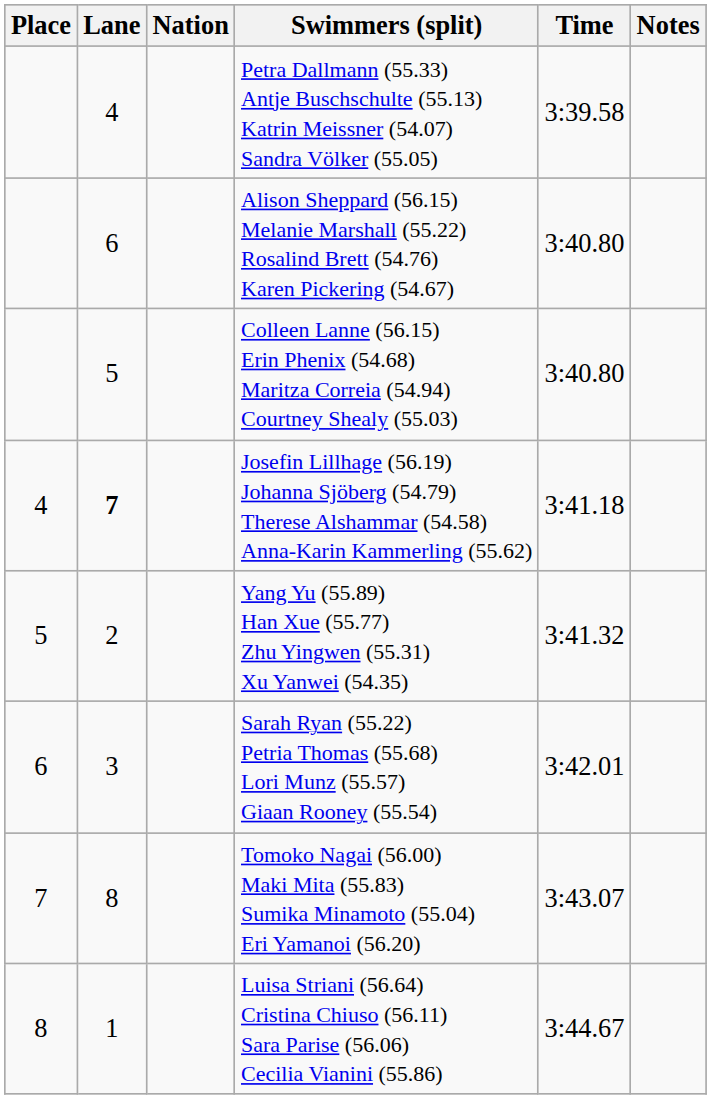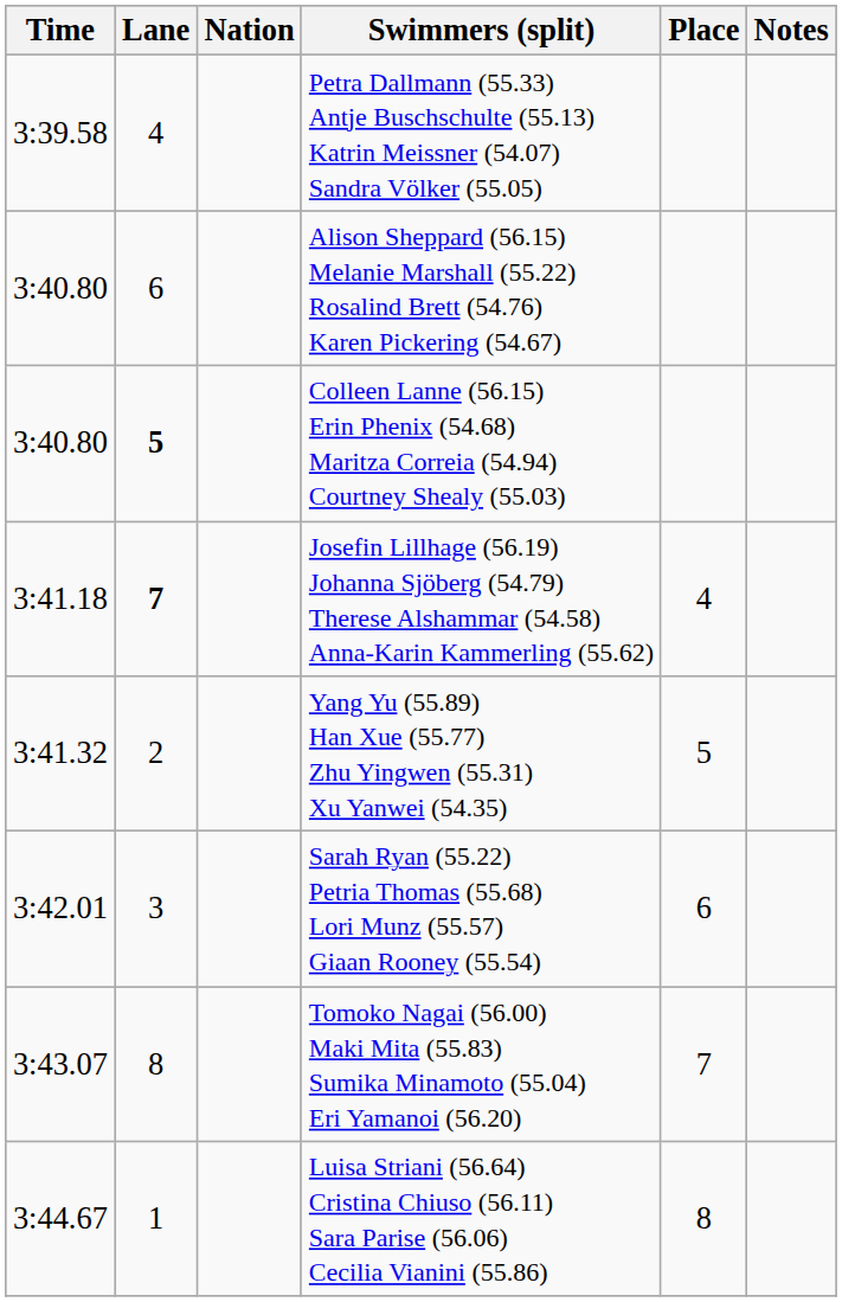 <table class="wikitable sortable" style="text-align:center">
 <tr>
-<th>Place</th>
+<th>Time</th>
 <th>Lane</th>
 <th>Nation</th>
 <th>Swimmers (split)</th>
-<th>Time</th>
+<th>Place</th>
 <th>Notes</th>
 </tr>
 <tr>
-<td></td>
+<td>3:39.58</td>
 <td>4</td>
 <td align=left></td>
 <td align=left><small><a href='#'>Petra Dallmann</a> (55.33)<br> <a href='#'>Antje Buschschulte</a> (55.13)<br> <a href='#'>Katrin Meissner</a> (54.07)<br> <a href='#'>Sandra Völker</a> (55.05)</small></td>
-<td>3:39.58</td>
+<td></td>
 <td></td>
 </tr>
 <tr>
-<td></td>
+<td>3:40.80</td>
 <td>6</td>
 <td align=left></td>
 <td align=left><small><a href='#'>Alison Sheppard</a> (56.15)<br> <a href='#'>Melanie Marshall</a> (55.22)<br> <a href='#'>Rosalind Brett</a> (54.76)<br> <a href='#'>Karen Pickering</a> (54.67)</small></td>
-<td>3:40.80</td>
+<td></td>
 <td></td>
 </tr>
 <tr>
-<td></td>
-<td>5</td>
+<td>3:40.80</td>
+<td><strong>5</strong></td>
 <td align=left></td>
 <td align=left><small><a href='#'>Colleen Lanne</a> (56.15)<br><a href='#'>Erin Phenix</a> (54.68)<br><a href='#'>Maritza Correia</a> (54.94)<br><a href='#'>Courtney Shealy</a> (55.03)</small></td>
-<td>3:40.80</td>
+<td></td>
 <td></td>
 </tr>
 <tr>
-<td>4</td>
+<td>3:41.18</td>
 <td><strong>7</strong></td>
 <td align=left></td>
 <td align=left><small><a href='#'>Josefin Lillhage</a> (56.19)<br> <a href='#'>Johanna Sjöberg</a> (54.79)<br> <a href='#'>Therese Alshammar</a> (54.58)<br> <a href='#'>Anna-Karin Kammerling</a> (55.62)</small></td>
-<td>3:41.18</td>
+<td>4</td>
 <td></td>
 </tr>
 <tr>
-<td>5</td>
+<td>3:41.32</td>
 <td>2</td>
 <td align=left></td>
 <td align=left><small><a href='#'>Yang Yu</a> (55.89)<br> <a href='#'>Han Xue</a> (55.77)<br> <a href='#'>Zhu Yingwen</a> (55.31)<br> <a href='#'>Xu Yanwei</a> (54.35)</small></td>
-<td>3:41.32</td>
+<td>5</td>
 <td></td>
 </tr>
 <tr>
-<td>6</td>
+<td>3:42.01</td>
 <td>3</td>
 <td align=left></td>
 <td align=left><small><a href='#'>Sarah Ryan</a> (55.22)<br> <a href='#'>Petria Thomas</a> (55.68)<br> <a href='#'>Lori Munz</a> (55.57)<br> <a href='#'>Giaan Rooney</a> (55.54)</small></td>
-<td>3:42.01</td>
+<td>6</td>
 <td></td>
 </tr>
 <tr>
-<td>7</td>
+<td>3:43.07</td>
 <td>8</td>
 <td align=left></td>
 <td align=left><small><a href='#'>Tomoko Nagai</a> (56.00)<br> <a href='#'>Maki Mita</a> (55.83)<br> <a href='#'>Sumika Minamoto</a> (55.04)<br> <a href='#'>Eri Yamanoi</a> (56.20)</small></td>
-<td>3:43.07</td>
+<td>7</td>
 <td></td>
 </tr>
 <tr>
-<td>8</td>
+<td>3:44.67</td>
 <td>1</td>
 <td align=left></td>
 <td align=left><small><a href='#'>Luisa Striani</a> (56.64)<br> <a href='#'>Cristina Chiuso</a> (56.11)<br> <a href='#'>Sara Parise</a> (56.06)<br> <a href='#'>Cecilia Vianini</a> (55.86)</small></td>
-<td>3:44.67</td>
+<td>8</td>
 <td></td>
 </tr>
 </table>
